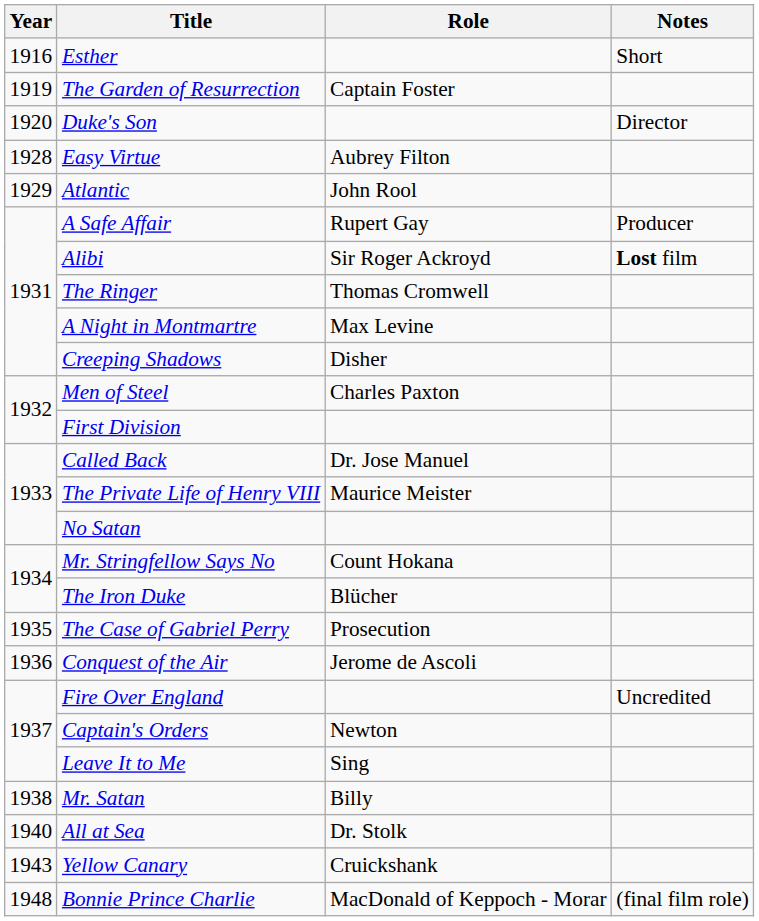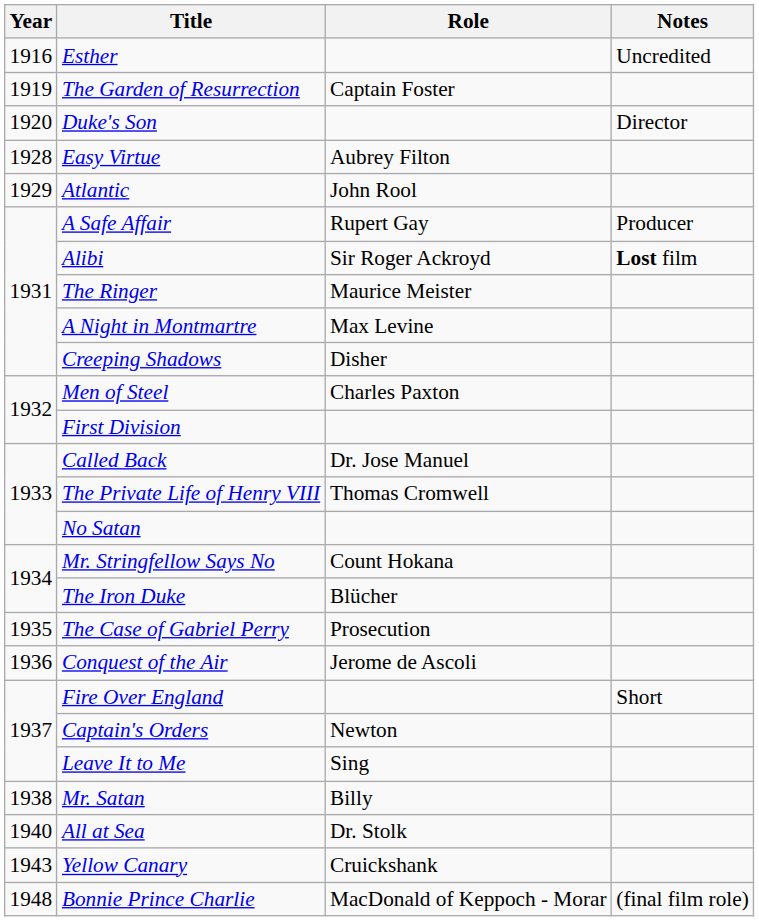 <table class="wikitable">
 <tr>
 <th>Year</th>
 <th>Title</th>
 <th>Role</th>
 <th>Notes</th>
 </tr>
 <tr>
 <td>1916</td>
 <td><em><a href='#'>Esther</a></em></td>
 <td></td>
-<td>Short</td>
+<td>Uncredited</td>
 </tr>
 <tr>
 <td>1919</td>
 <td><em><a href='#'>The Garden of Resurrection</a></em></td>
 <td>Captain Foster</td>
 <td></td>
 </tr>
 <tr>
 <td>1920</td>
 <td><em><a href='#'>Duke's Son</a></em></td>
 <td></td>
 <td>Director</td>
 </tr>
 <tr>
 <td>1928</td>
 <td><em><a href='#'>Easy Virtue</a></em></td>
 <td>Aubrey Filton</td>
 <td></td>
 </tr>
 <tr>
 <td>1929</td>
 <td><em><a href='#'>Atlantic</a></em></td>
 <td>John Rool</td>
 <td></td>
 </tr>
 <tr>
 <td rowspan=5>1931</td>
 <td><em><a href='#'>A Safe Affair</a></em></td>
 <td>Rupert Gay</td>
 <td>Producer</td>
 </tr>
 <tr>
 <td><em><a href='#'>Alibi</a></em></td>
 <td>Sir Roger Ackroyd</td>
 <td><strong>Lost</strong> film</td>
 </tr>
 <tr>
 <td><em><a href='#'>The Ringer</a></em></td>
-<td>Thomas Cromwell</td>
+<td>Maurice Meister</td>
 <td></td>
 </tr>
 <tr>
 <td><em><a href='#'>A Night in Montmartre</a></em></td>
 <td>Max Levine</td>
 <td></td>
 </tr>
 <tr>
 <td><em><a href='#'>Creeping Shadows</a></em></td>
 <td>Disher</td>
 <td></td>
 </tr>
 <tr>
 <td rowspan=2>1932</td>
 <td><em><a href='#'>Men of Steel</a></em></td>
 <td>Charles Paxton</td>
 <td></td>
 </tr>
 <tr>
 <td><em><a href='#'>First Division</a></em></td>
 <td></td>
 <td></td>
 </tr>
 <tr>
 <td rowspan=3>1933</td>
 <td><em><a href='#'>Called Back</a></em></td>
 <td>Dr. Jose Manuel</td>
 <td></td>
 </tr>
 <tr>
 <td><em><a href='#'>The Private Life of Henry VIII</a></em></td>
-<td>Maurice Meister</td>
+<td>Thomas Cromwell</td>
 <td></td>
 </tr>
 <tr>
 <td><em><a href='#'>No Satan</a></em></td>
 <td></td>
 <td></td>
 </tr>
 <tr>
 <td rowspan=2>1934</td>
 <td><em><a href='#'>Mr. Stringfellow Says No</a></em></td>
 <td>Count Hokana</td>
 <td></td>
 </tr>
 <tr>
 <td><em><a href='#'>The Iron Duke</a></em></td>
 <td>Blücher</td>
 <td></td>
 </tr>
 <tr>
 <td>1935</td>
 <td><em><a href='#'>The Case of Gabriel Perry</a></em></td>
 <td>Prosecution</td>
 <td></td>
 </tr>
 <tr>
 <td>1936</td>
 <td><em><a href='#'>Conquest of the Air</a></em></td>
 <td>Jerome de Ascoli</td>
 <td></td>
 </tr>
 <tr>
 <td rowspan=3>1937</td>
 <td><em><a href='#'>Fire Over England</a></em></td>
 <td></td>
-<td>Uncredited</td>
+<td>Short</td>
 </tr>
 <tr>
 <td><em><a href='#'>Captain's Orders</a></em></td>
 <td>Newton</td>
 <td></td>
 </tr>
 <tr>
 <td><em><a href='#'>Leave It to Me</a></em></td>
 <td>Sing</td>
 <td></td>
 </tr>
 <tr>
 <td>1938</td>
 <td><em><a href='#'>Mr. Satan</a></em></td>
 <td>Billy</td>
 <td></td>
 </tr>
 <tr>
 <td>1940</td>
 <td><em><a href='#'>All at Sea</a></em></td>
 <td>Dr. Stolk</td>
 <td></td>
 </tr>
 <tr>
 <td>1943</td>
 <td><em><a href='#'>Yellow Canary</a></em></td>
 <td>Cruickshank</td>
 <td></td>
 </tr>
 <tr>
 <td>1948</td>
 <td><em><a href='#'>Bonnie Prince Charlie</a></em></td>
 <td>MacDonald of Keppoch - Morar</td>
 <td>(final film role)</td>
 </tr>
 </table>
